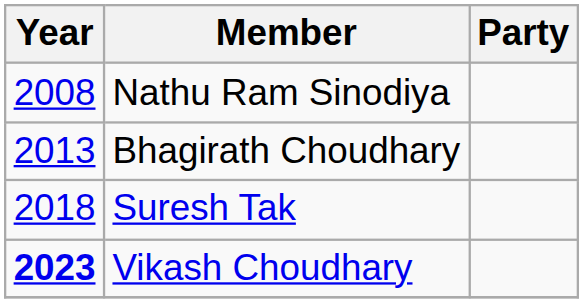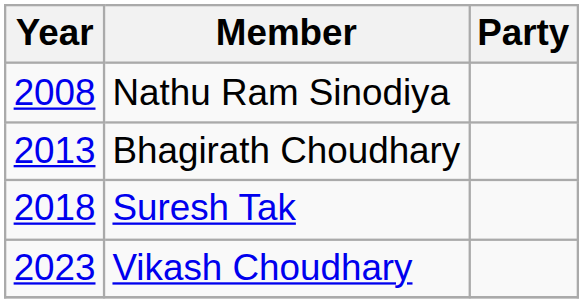 <table class="wikitable sortable">
 <tr>
 <th>Year</th>
 <th>Member</th>
 <th colspan="2">Party</th>
 </tr>
 <tr>
 <td><a href='#'>2008</a></td>
 <td>Nathu Ram Sinodiya</td>
 <td></td>
 </tr>
 <tr>
 <td><a href='#'>2013</a></td>
 <td>Bhagirath Choudhary</td>
 <td></td>
 </tr>
 <tr>
 <td><a href='#'>2018</a></td>
 <td><a href='#'>Suresh Tak</a></td>
 <td></td>
 </tr>
 <tr>
-<td><strong><a href='#'>2023</a></strong></td>
+<td><a href='#'>2023</a></td>
 <td><a href='#'>Vikash Choudhary</a></td>
 <td></td>
 </tr>
 <tr>
 </tr>
 </table>
